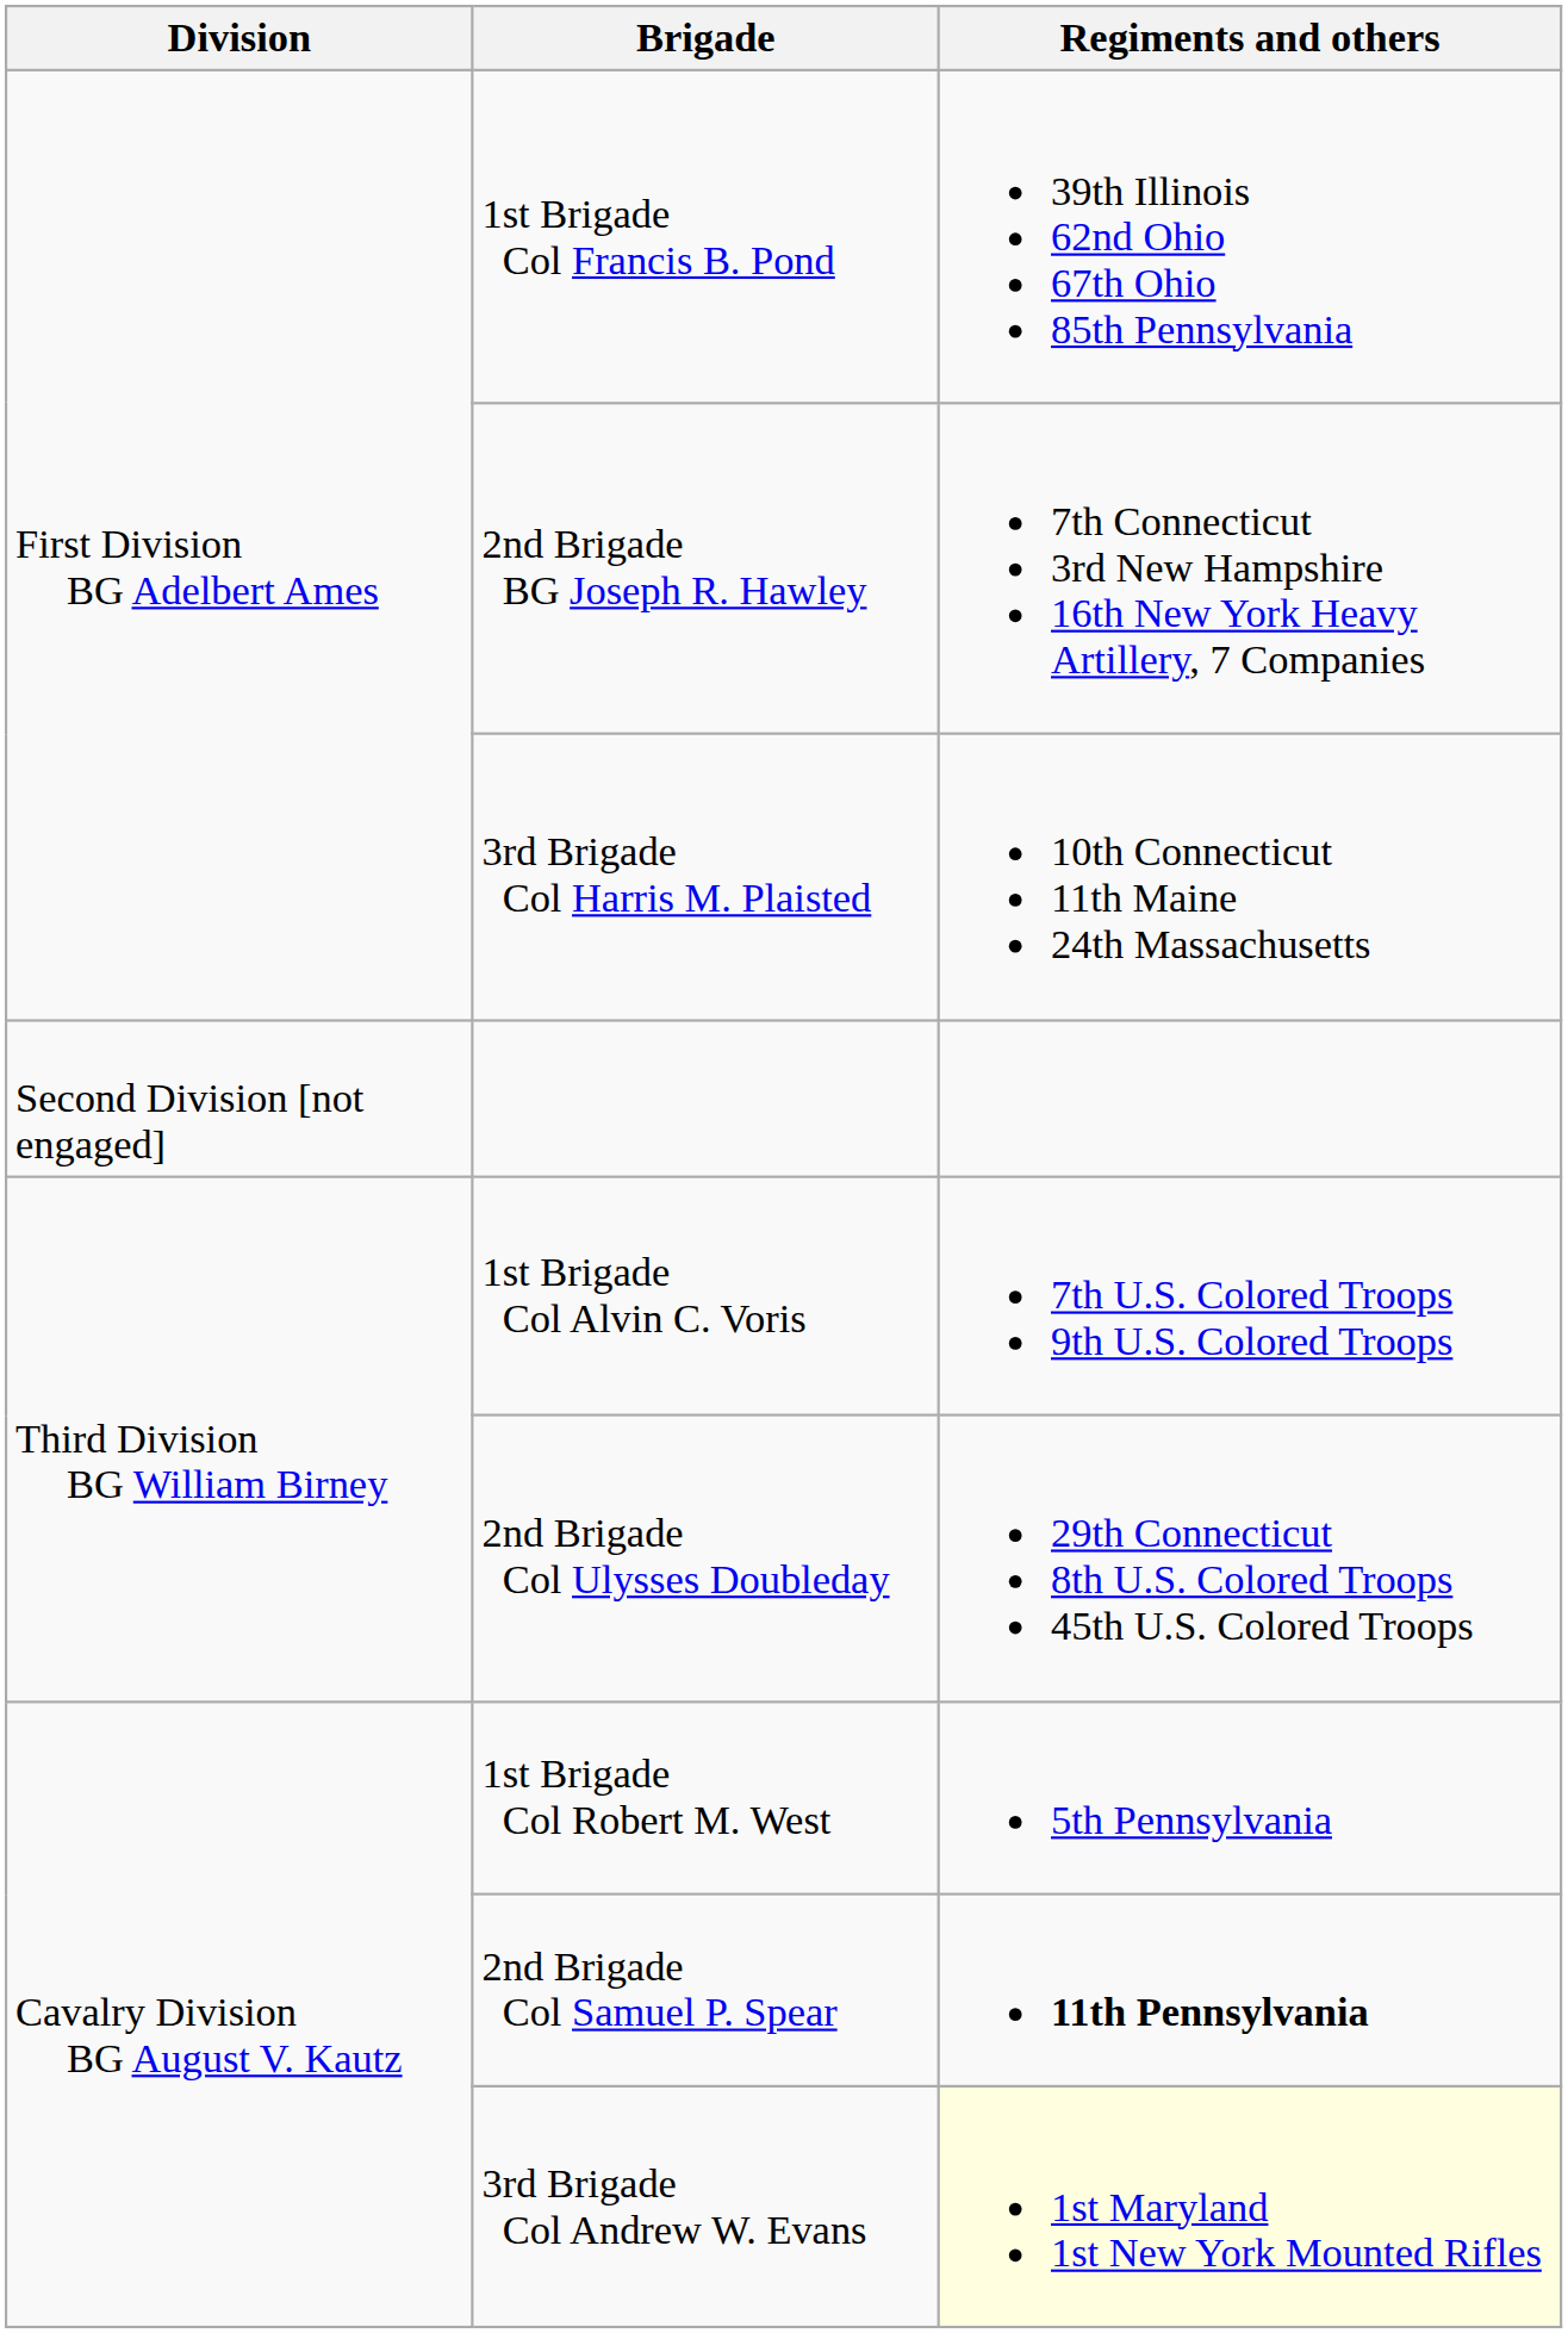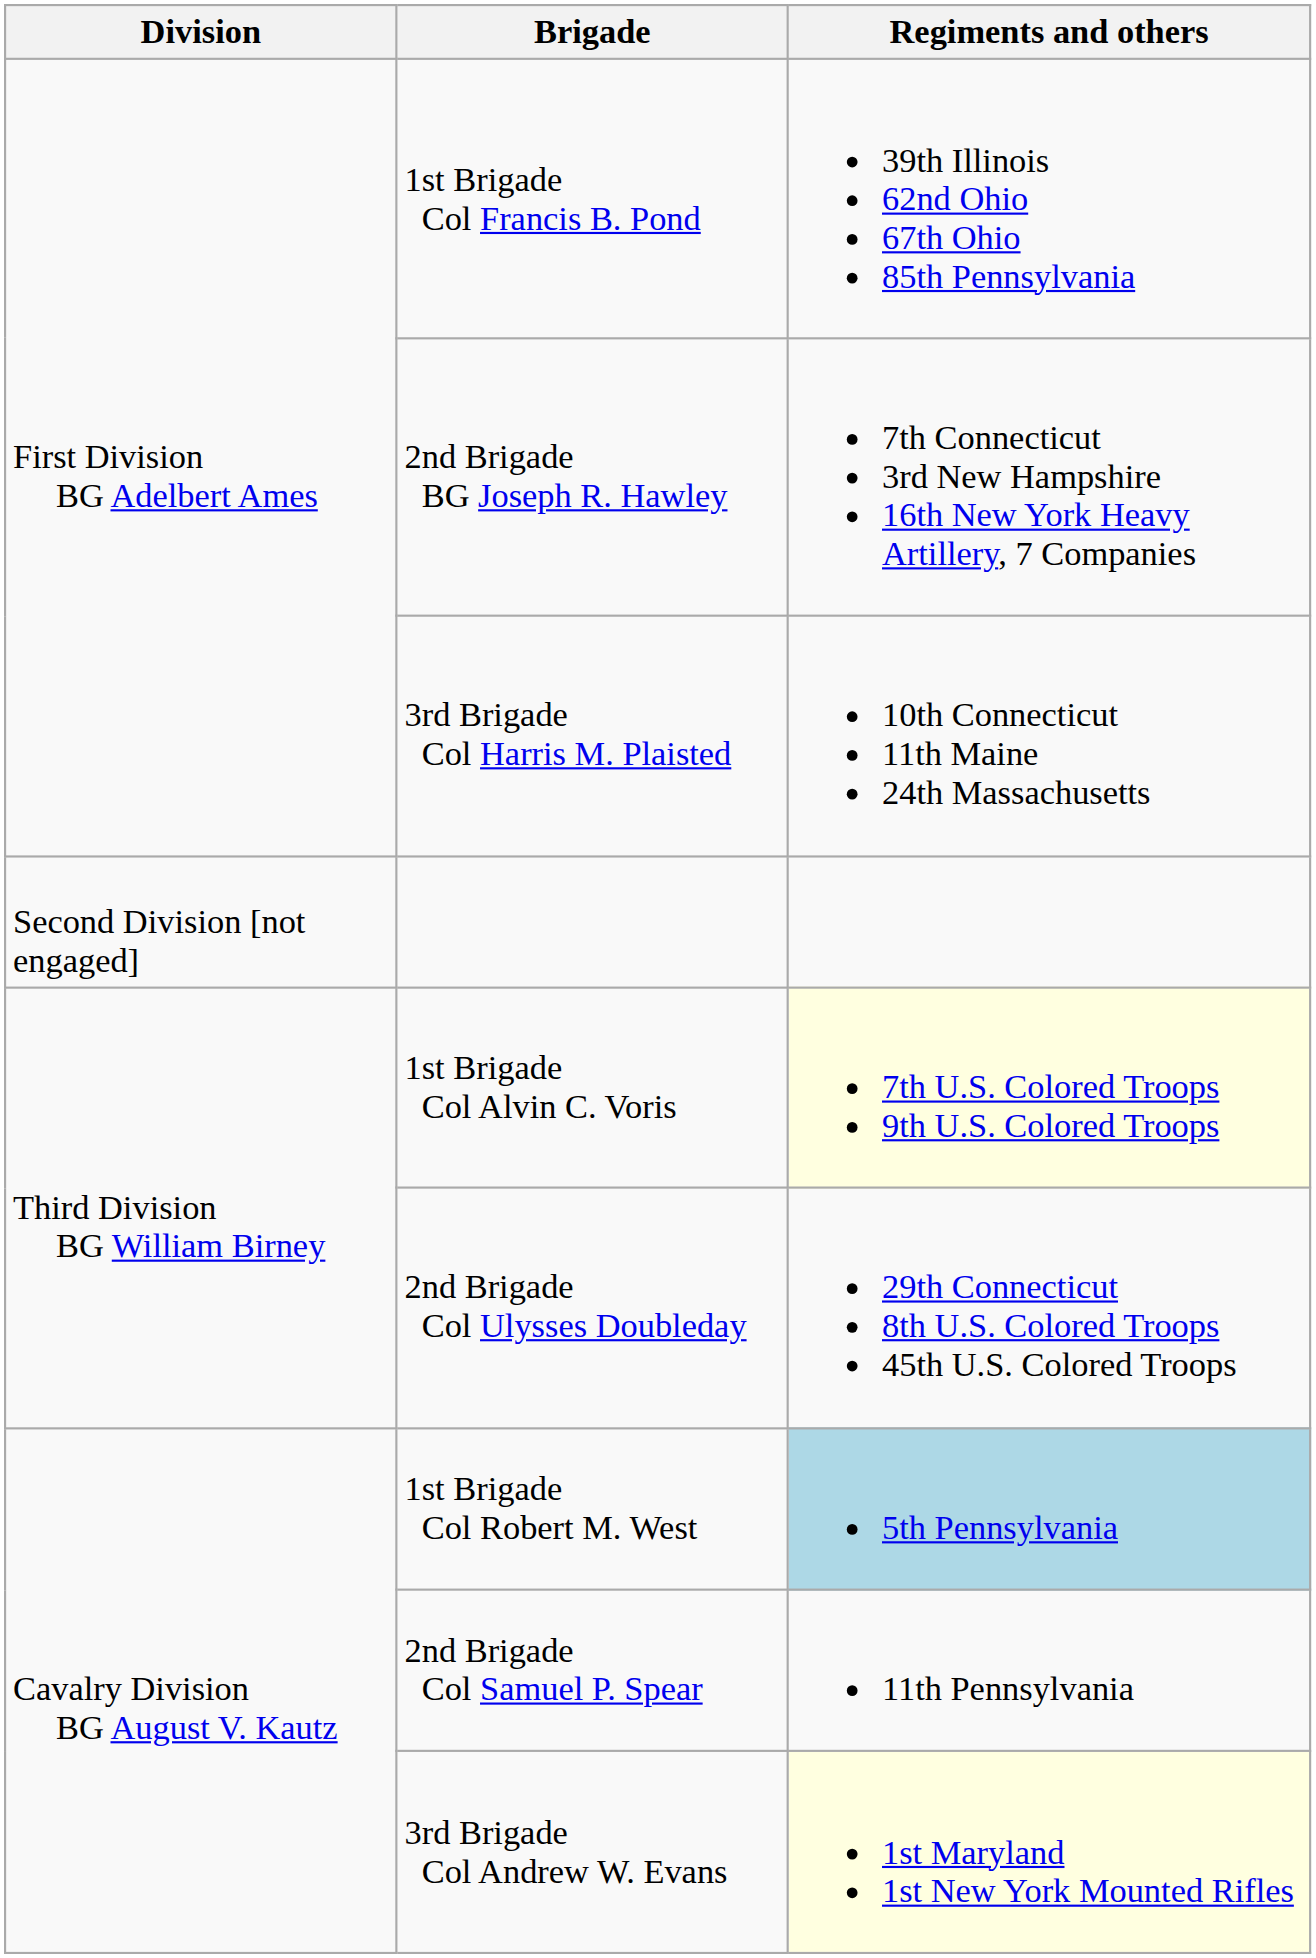 <table class="wikitable">
 <tr>
 <th width=30%>Division</th>
 <th width=30%>Brigade</th>
 <th>Regiments and others</th>
 </tr>
 <tr>
 <td rowspan=3><br>First Division <br>     BG <a href='#'>Adelbert Ames</a></td>
 <td>1st Brigade<br>  Col <a href='#'>Francis B. Pond</a></td>
 <td><br><ul><li>39th Illinois</li><li><a href='#'>62nd Ohio</a></li><li><a href='#'>67th Ohio</a></li><li><a href='#'>85th Pennsylvania</a></li></ul></td>
 </tr>
 <tr>
 <td>2nd Brigade<br>  BG <a href='#'>Joseph R. Hawley</a></td>
 <td><br><ul><li>7th Connecticut</li><li>3rd New Hampshire</li><li><a href='#'>16th New York Heavy Artillery</a>, 7 Companies</li></ul></td>
 </tr>
 <tr>
 <td>3rd Brigade<br>  Col <a href='#'>Harris M. Plaisted</a></td>
 <td><br><ul><li>10th Connecticut</li><li>11th Maine</li><li>24th Massachusetts</li></ul></td>
 </tr>
 <tr>
 <td rowspan=1><br>Second Division [not engaged]</td>
 <td></td>
 <td></td>
 </tr>
 <tr>
 <td rowspan=2><br>Third Division <br>     BG <a href='#'>William Birney</a></td>
 <td>1st Brigade<br>  Col Alvin C. Voris</td>
-<td><br><ul><li><a href='#'>7th U.S. Colored Troops</a></li><li><a href='#'>9th U.S. Colored Troops</a></li></ul></td>
+<td style="background: lightyellow;"><br><ul><li><a href='#'>7th U.S. Colored Troops</a></li><li><a href='#'>9th U.S. Colored Troops</a></li></ul></td>
 </tr>
 <tr>
 <td>2nd Brigade<br>  Col <a href='#'>Ulysses Doubleday</a></td>
 <td><br><ul><li><a href='#'>29th Connecticut</a></li><li><a href='#'>8th U.S. Colored Troops</a></li><li>45th U.S. Colored Troops</li></ul></td>
 </tr>
 <tr>
 <td rowspan=3><br>Cavalry Division <br>     BG <a href='#'>August V. Kautz</a></td>
 <td>1st Brigade<br>  Col Robert M. West</td>
-<td><br><ul><li><a href='#'>5th Pennsylvania</a></li></ul></td>
+<td style="background: lightblue;"><br><ul><li><a href='#'>5th Pennsylvania</a></li></ul></td>
 </tr>
 <tr>
 <td>2nd Brigade<br>  Col <a href='#'>Samuel P. Spear</a></td>
-<td><strong><br><ul><li>11th Pennsylvania</li></ul></strong></td>
+<td><br><ul><li>11th Pennsylvania</li></ul></td>
 </tr>
 <tr>
 <td>3rd Brigade<br>  Col Andrew W. Evans</td>
 <td style="background: lightyellow;"><br><ul><li><a href='#'>1st Maryland</a></li><li><a href='#'>1st New York Mounted Rifles</a></li></ul></td>
 </tr>
 </table>
